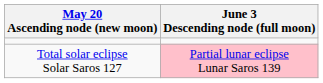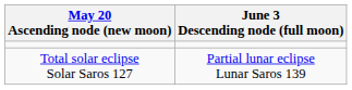 <table class="wikitable">
 <tr>
 <th><a href='#'>May 20</a><br>Ascending node (new moon)</th>
 <th>June 3<br>Descending node (full moon)</th>
 </tr>
 <tr>
 <td></td>
 <td></td>
 </tr>
 <tr align=center>
 <td><a href='#'>Total solar eclipse</a><br>Solar Saros 127</td>
-<td style="background: pink;"><a href='#'>Partial lunar eclipse</a><br>Lunar Saros 139</td>
+<td><a href='#'>Partial lunar eclipse</a><br>Lunar Saros 139</td>
 </tr>
 </table>
